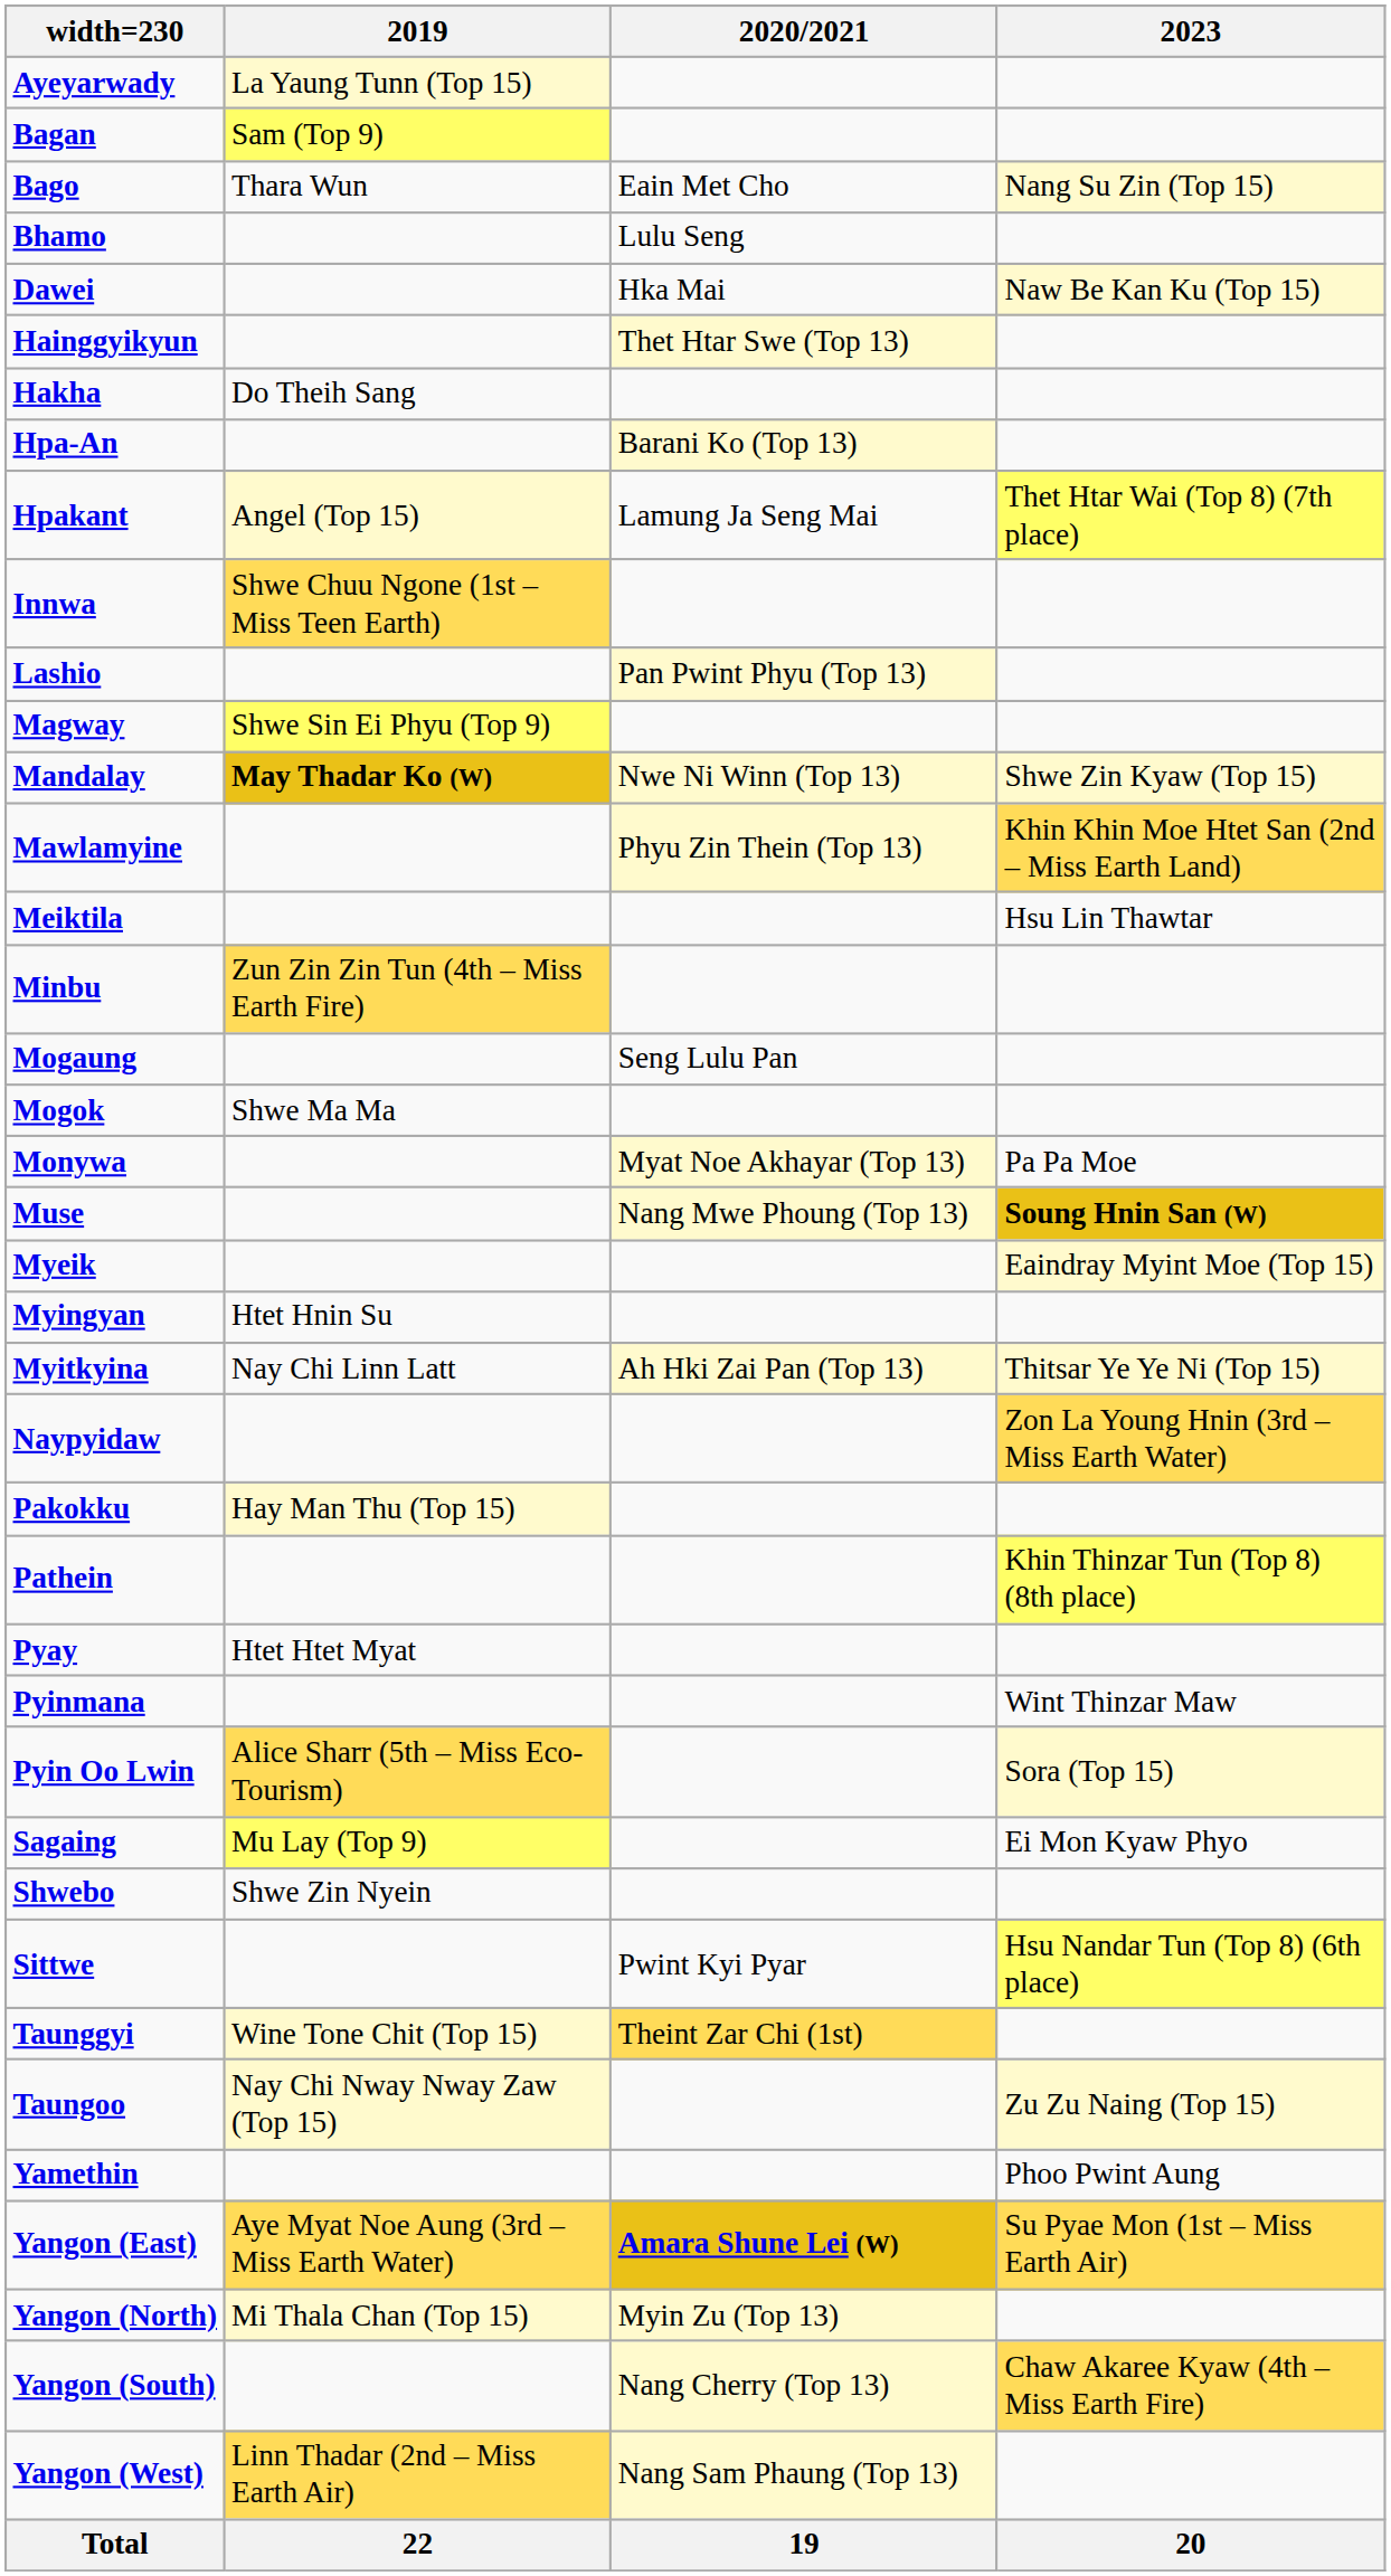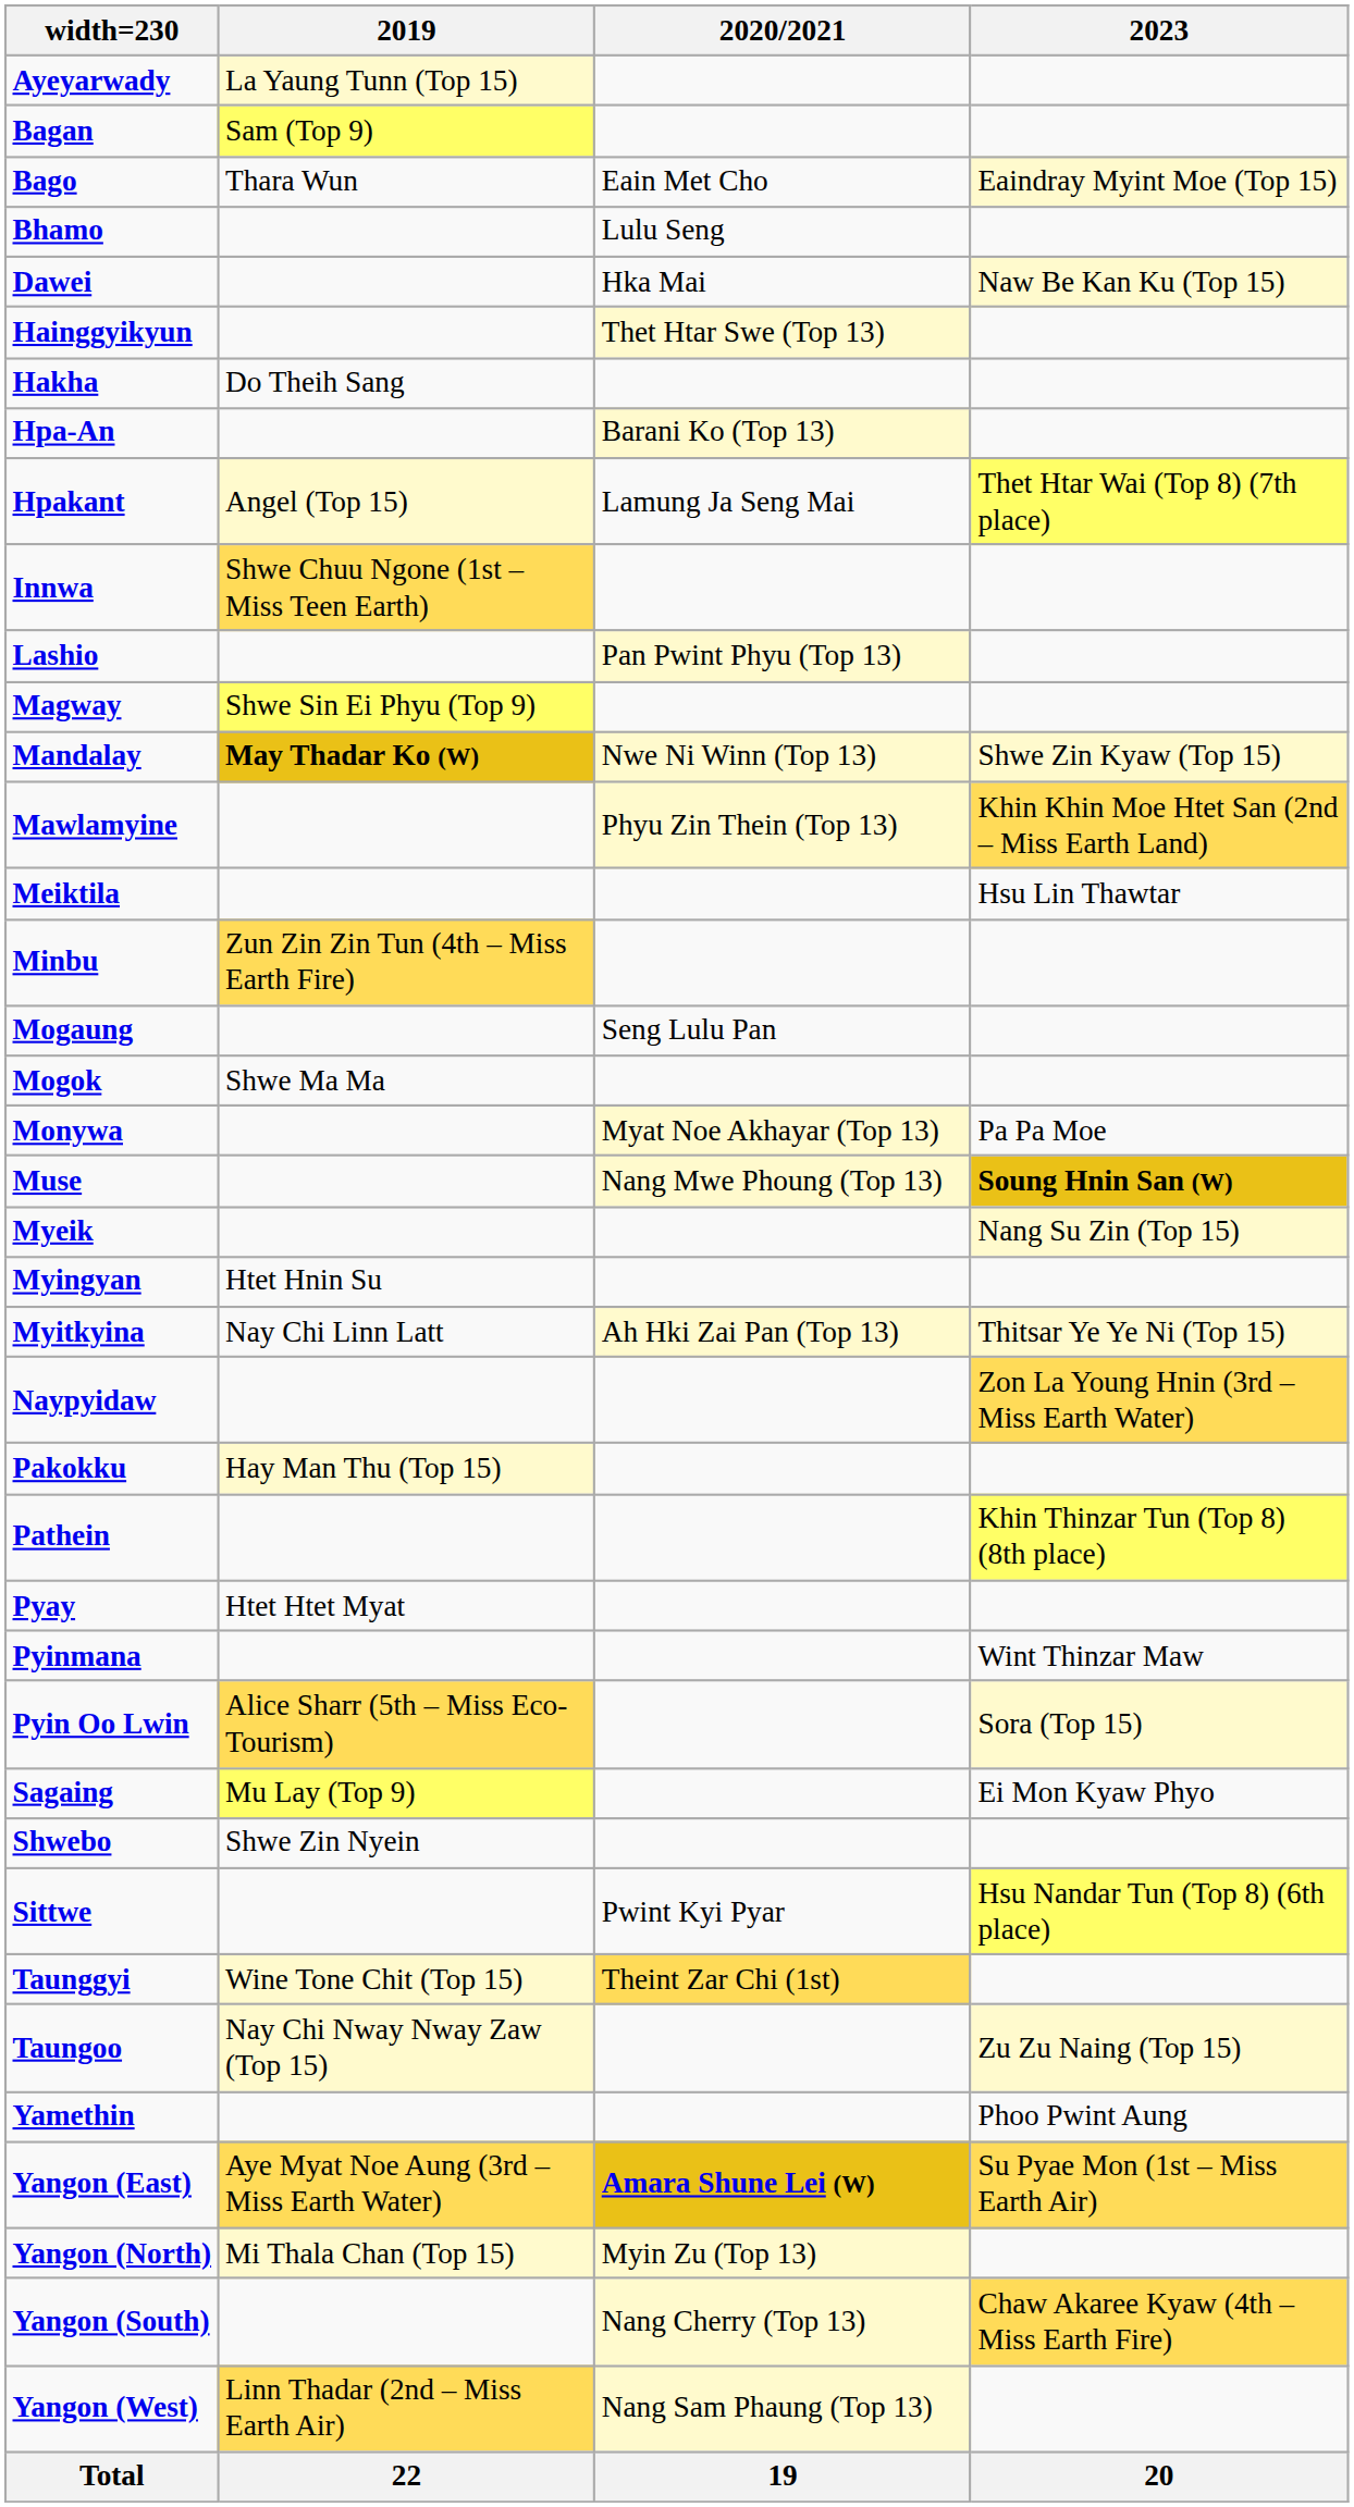 <table class="wikitable" style="font-size: 82%";>
 <tr>
 <th>width=230 </th>
 <th width="160">2019</th>
 <th width="160">2020/2021</th>
 <th width="160">2023</th>
 </tr>
 <tr>
 <td><strong> <a href='#'>Ayeyarwady</a></strong></td>
 <td bgcolor="#FFFACD">La Yaung Tunn (Top 15)</td>
 <td></td>
 <td></td>
 </tr>
 <tr>
 <td><strong> <a href='#'>Bagan</a></strong></td>
 <td bgcolor=#FFFF66>Sam (Top 9)</td>
 <td></td>
 <td></td>
 </tr>
 <tr>
 <td><strong> <a href='#'>Bago</a></strong></td>
 <td>Thara Wun</td>
 <td>Eain Met Cho</td>
-<td bgcolor="#FFFACD">Nang Su Zin (Top 15)</td>
+<td bgcolor="#FFFACD">Eaindray Myint Moe (Top 15)</td>
 </tr>
 <tr>
 <td><strong> <a href='#'>Bhamo</a></strong></td>
 <td></td>
 <td>Lulu Seng</td>
 <td></td>
 </tr>
 <tr>
 <td><strong> <a href='#'>Dawei</a></strong></td>
 <td></td>
 <td>Hka Mai</td>
 <td bgcolor="#FFFACD">Naw Be Kan Ku (Top 15)</td>
 </tr>
 <tr>
 <td><strong> <a href='#'>Hainggyikyun</a></strong></td>
 <td></td>
 <td bgcolor="#FFFACD">Thet Htar Swe (Top 13)</td>
 <td></td>
 </tr>
 <tr>
 <td><strong> <a href='#'>Hakha</a></strong></td>
 <td>Do Theih Sang</td>
 <td></td>
 <td></td>
 </tr>
 <tr>
 <td><strong> <a href='#'>Hpa-An</a></strong></td>
 <td></td>
 <td bgcolor="#FFFACD">Barani Ko (Top 13)</td>
 <td></td>
 </tr>
 <tr>
 <td><strong> <a href='#'>Hpakant</a></strong></td>
 <td bgcolor="#FFFACD">Angel (Top 15)</td>
 <td>Lamung Ja Seng Mai</td>
 <td bgcolor=#FFFF66>Thet Htar Wai (Top 8) (7th place)</td>
 </tr>
 <tr>
 <td><strong> <a href='#'>Innwa</a></strong></td>
 <td bgcolor=#FFDB58>Shwe Chuu Ngone (1st – Miss Teen Earth)</td>
 <td></td>
 <td></td>
 </tr>
 <tr>
 <td><strong> <a href='#'>Lashio</a></strong></td>
 <td></td>
 <td bgcolor="#FFFACD">Pan Pwint Phyu (Top 13)</td>
 <td></td>
 </tr>
 <tr>
 <td><strong> <a href='#'>Magway</a></strong></td>
 <td bgcolor=#FFFF66>Shwe Sin Ei Phyu (Top 9)</td>
 <td></td>
 <td></td>
 </tr>
 <tr>
 <td><strong> <a href='#'>Mandalay</a></strong></td>
 <td bgcolor="#EAC117"><strong>May Thadar Ko <small>(W)</small></strong></td>
 <td bgcolor="#FFFACD">Nwe Ni Winn (Top 13)</td>
 <td bgcolor="#FFFACD">Shwe Zin Kyaw (Top 15)</td>
 </tr>
 <tr>
 <td><strong> <a href='#'>Mawlamyine</a></strong></td>
 <td></td>
 <td bgcolor="#FFFACD">Phyu Zin Thein (Top 13)</td>
 <td bgcolor=#FFDB58>Khin Khin Moe Htet San (2nd – Miss Earth Land)</td>
 </tr>
 <tr>
 <td><strong> <a href='#'>Meiktila</a></strong></td>
 <td></td>
 <td></td>
 <td>Hsu Lin Thawtar</td>
 </tr>
 <tr>
 <td><strong> <a href='#'>Minbu</a></strong></td>
 <td bgcolor=#FFDB58>Zun Zin Zin Tun (4th – Miss Earth Fire)</td>
 <td></td>
 <td></td>
 </tr>
 <tr>
 <td><strong> <a href='#'>Mogaung</a></strong></td>
 <td></td>
 <td>Seng Lulu Pan</td>
 <td></td>
 </tr>
 <tr>
 <td><strong> <a href='#'>Mogok</a></strong></td>
 <td>Shwe Ma Ma</td>
 <td></td>
 <td></td>
 </tr>
 <tr>
 <td><strong> <a href='#'>Monywa</a></strong></td>
 <td></td>
 <td bgcolor="#FFFACD">Myat Noe Akhayar (Top 13)</td>
 <td>Pa Pa Moe</td>
 </tr>
 <tr>
 <td><strong> <a href='#'>Muse</a></strong></td>
 <td></td>
 <td bgcolor="#FFFACD">Nang Mwe Phoung (Top 13)</td>
 <td bgcolor="#EAC117"><strong>Soung Hnin San <small>(W)</small></strong></td>
 </tr>
 <tr>
 <td><strong> <a href='#'>Myeik</a></strong></td>
 <td></td>
 <td></td>
-<td bgcolor="#FFFACD">Eaindray Myint Moe (Top 15)</td>
+<td bgcolor="#FFFACD">Nang Su Zin (Top 15)</td>
 </tr>
 <tr>
 <td><strong> <a href='#'>Myingyan</a></strong></td>
 <td>Htet Hnin Su</td>
 <td></td>
 <td></td>
 </tr>
 <tr>
 <td><strong> <a href='#'>Myitkyina</a></strong></td>
 <td>Nay Chi Linn Latt</td>
 <td bgcolor="#FFFACD">Ah Hki Zai Pan (Top 13)</td>
 <td bgcolor="#FFFACD">Thitsar Ye Ye Ni (Top 15)</td>
 </tr>
 <tr>
 <td><strong> <a href='#'>Naypyidaw</a></strong></td>
 <td></td>
 <td></td>
 <td bgcolor=#FFDB58>Zon La Young Hnin (3rd – Miss Earth Water)</td>
 </tr>
 <tr>
 <td><strong> <a href='#'>Pakokku</a></strong></td>
 <td bgcolor="#FFFACD">Hay Man Thu (Top 15)</td>
 <td></td>
 <td></td>
 </tr>
 <tr>
 <td><strong> <a href='#'>Pathein</a></strong></td>
 <td></td>
 <td></td>
 <td bgcolor=#FFFF66>Khin Thinzar Tun (Top 8) (8th place)</td>
 </tr>
 <tr>
 <td><strong> <a href='#'>Pyay</a></strong></td>
 <td>Htet Htet Myat</td>
 <td></td>
 <td></td>
 </tr>
 <tr>
 <td><strong> <a href='#'>Pyinmana</a></strong></td>
 <td></td>
 <td></td>
 <td>Wint Thinzar Maw</td>
 </tr>
 <tr>
 <td><strong> <a href='#'>Pyin Oo Lwin</a></strong></td>
 <td bgcolor=#FFDB58>Alice Sharr (5th – Miss Eco-Tourism)</td>
 <td></td>
 <td bgcolor="#FFFACD">Sora (Top 15)</td>
 </tr>
 <tr>
 <td><strong> <a href='#'>Sagaing</a></strong></td>
 <td bgcolor=#FFFF66>Mu Lay (Top 9)</td>
 <td></td>
 <td>Ei Mon Kyaw Phyo</td>
 </tr>
 <tr>
 <td><strong> <a href='#'>Shwebo</a></strong></td>
 <td>Shwe Zin Nyein</td>
 <td></td>
 <td></td>
 </tr>
 <tr>
 <td><strong> <a href='#'>Sittwe</a></strong></td>
 <td></td>
 <td>Pwint Kyi Pyar</td>
 <td bgcolor=#FFFF66>Hsu Nandar Tun (Top 8) (6th place)</td>
 </tr>
 <tr>
 <td><strong> <a href='#'>Taunggyi</a></strong></td>
 <td bgcolor="#FFFACD">Wine Tone Chit (Top 15)</td>
 <td bgcolor=#FFDB58>Theint Zar Chi (1st)</td>
 <td></td>
 </tr>
 <tr>
 <td><strong> <a href='#'>Taungoo</a></strong></td>
 <td bgcolor="#FFFACD">Nay Chi Nway Nway Zaw (Top 15)</td>
 <td></td>
 <td bgcolor="#FFFACD">Zu Zu Naing (Top 15)</td>
 </tr>
 <tr>
 <td><strong> <a href='#'>Yamethin</a></strong></td>
 <td></td>
 <td></td>
 <td>Phoo Pwint Aung</td>
 </tr>
 <tr>
 <td><strong> <a href='#'>Yangon (East)</a></strong></td>
 <td bgcolor=#FFDB58>Aye Myat Noe Aung (3rd – Miss Earth Water)</td>
 <td bgcolor="#EAC117"><strong><a href='#'>Amara Shune Lei</a> <small>(W)</small></strong></td>
 <td bgcolor=#FFDB58>Su Pyae Mon (1st – Miss Earth Air)</td>
 </tr>
 <tr>
 <td><strong> <a href='#'>Yangon (North)</a></strong></td>
 <td bgcolor="#FFFACD">Mi Thala Chan (Top 15)</td>
 <td bgcolor="#FFFACD">Myin Zu (Top 13)</td>
 <td></td>
 </tr>
 <tr>
 <td><strong> <a href='#'>Yangon (South)</a></strong></td>
 <td></td>
 <td bgcolor="#FFFACD">Nang Cherry (Top 13)</td>
 <td bgcolor=#FFDB58>Chaw Akaree Kyaw (4th – Miss Earth Fire)</td>
 </tr>
 <tr>
 <td><strong> <a href='#'>Yangon (West)</a></strong></td>
 <td bgcolor=#FFDB58>Linn Thadar (2nd – Miss Earth Air)</td>
 <td bgcolor="#FFFACD">Nang Sam Phaung (Top 13)</td>
 <td></td>
 </tr>
 <tr>
 <th>Total</th>
 <th>22</th>
 <th>19</th>
 <th>20</th>
 </tr>
 </table>
